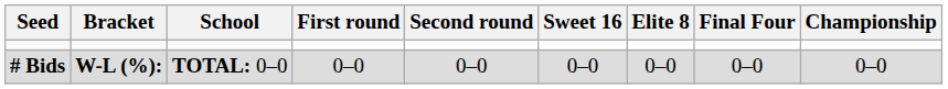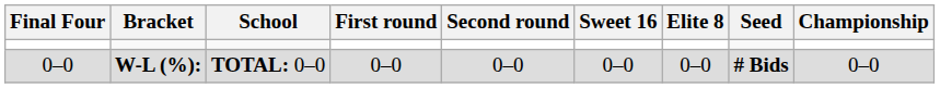 <table class="sortable wikitable" style="white-space:nowrap; font-size:90%;">
 <tr>
-<th>Seed</th>
+<th>Final Four</th>
 <th>Bracket</th>
 <th>School</th>
 <th>First round</th>
 <th>Second round</th>
 <th>Sweet 16</th>
 <th>Elite 8</th>
-<th>Final Four</th>
+<th>Seed</th>
 <th>Championship</th>
 </tr>
 <tr>
-<td></td>
+<td style="background:#fff;"></td>
 <td></td>
 <td></td>
 <td style="background:#fff;"></td>
 <td style="background:#fff;"></td>
 <td style="background:#fff;"></td>
 <td style="background:#fff;"></td>
-<td style="background:#fff;"></td>
+<td></td>
 <td style="background:#fff;"></td>
 </tr>
 <tr class="sortbottom"  style="text-align:center; background:#ddd;">
-<td><strong># Bids</strong></td>
+<td>0–0 </td>
 <td><strong>W-L (%):</strong></td>
 <td><strong>TOTAL:</strong> 0–0 </td>
 <td>0–0 </td>
 <td>0–0 </td>
 <td>0–0 </td>
 <td>0–0 </td>
-<td>0–0 </td>
+<td><strong># Bids</strong></td>
 <td>0–0 </td>
 </tr>
 </table>
